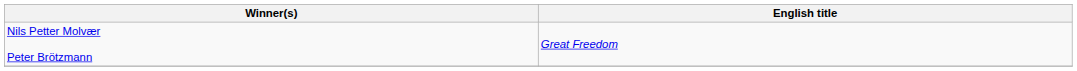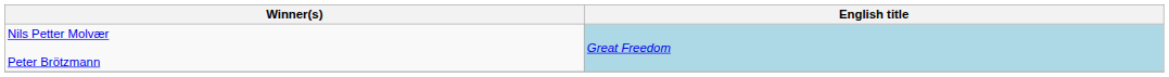 <table class="wikitable" width="95%" cellpadding="5">
 <tr>
 <th width="18%">Winner(s)</th>
 <th width="18%">English title</th>
 </tr>
 <tr>
 <td> <a href='#'>Nils Petter Molvær</a> <br><br> <a href='#'>Peter Brötzmann</a></td>
-<td><em><a href='#'>Great Freedom</a></em></td>
+<td style="background: lightblue;"><em><a href='#'>Great Freedom</a></em></td>
 </tr>
 <tr>
 </tr>
 </table>
